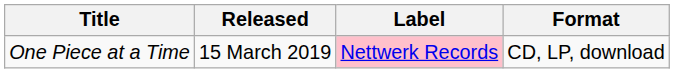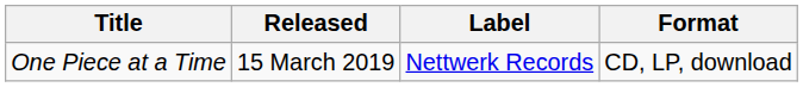 <table class="wikitable">
 <tr>
 <th>Title</th>
 <th>Released</th>
 <th>Label</th>
 <th>Format</th>
 </tr>
 <tr>
 <td><em>One Piece at a Time</em></td>
 <td>15 March 2019</td>
-<td style="background: pink;"><a href='#'>Nettwerk Records</a></td>
+<td><a href='#'>Nettwerk Records</a></td>
 <td rowspan="3">CD, LP, download</td>
 </tr>
 </table>
